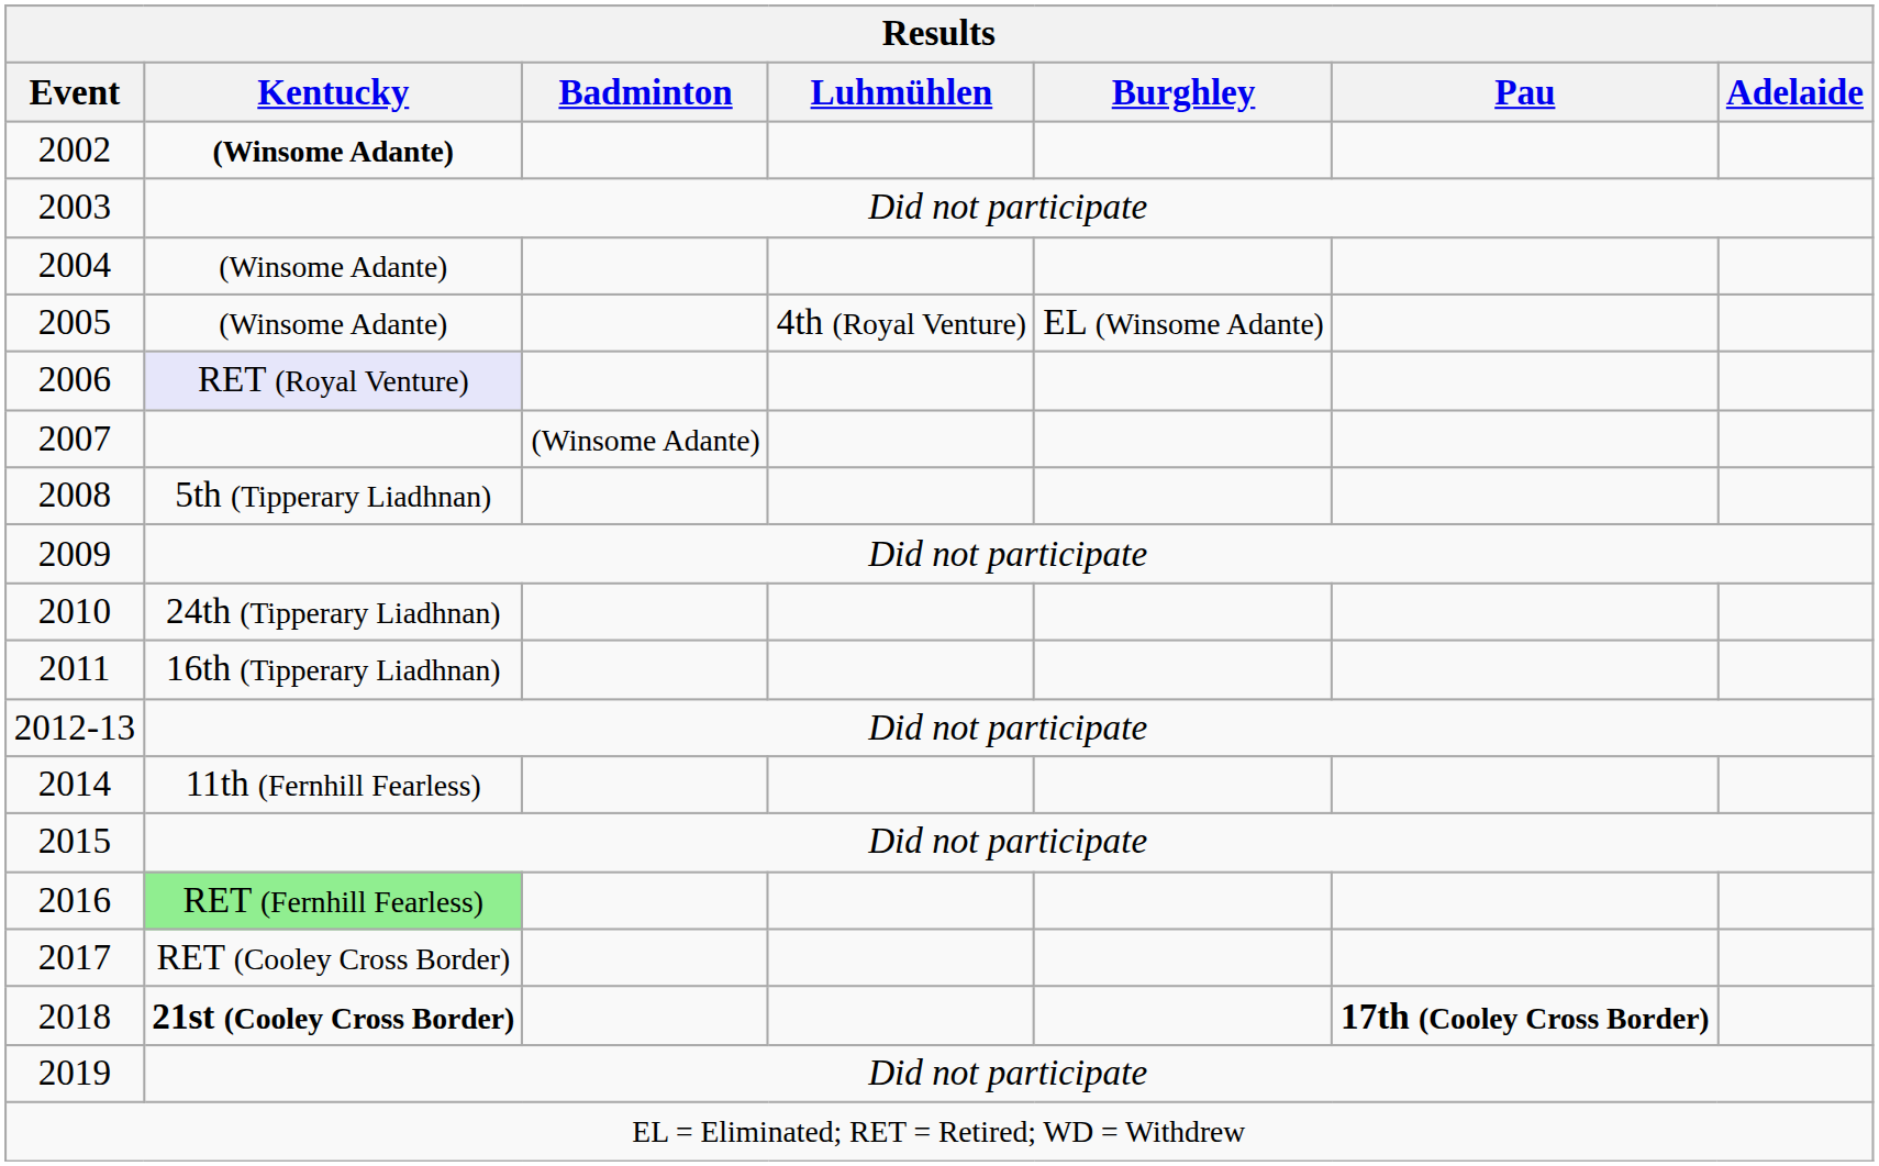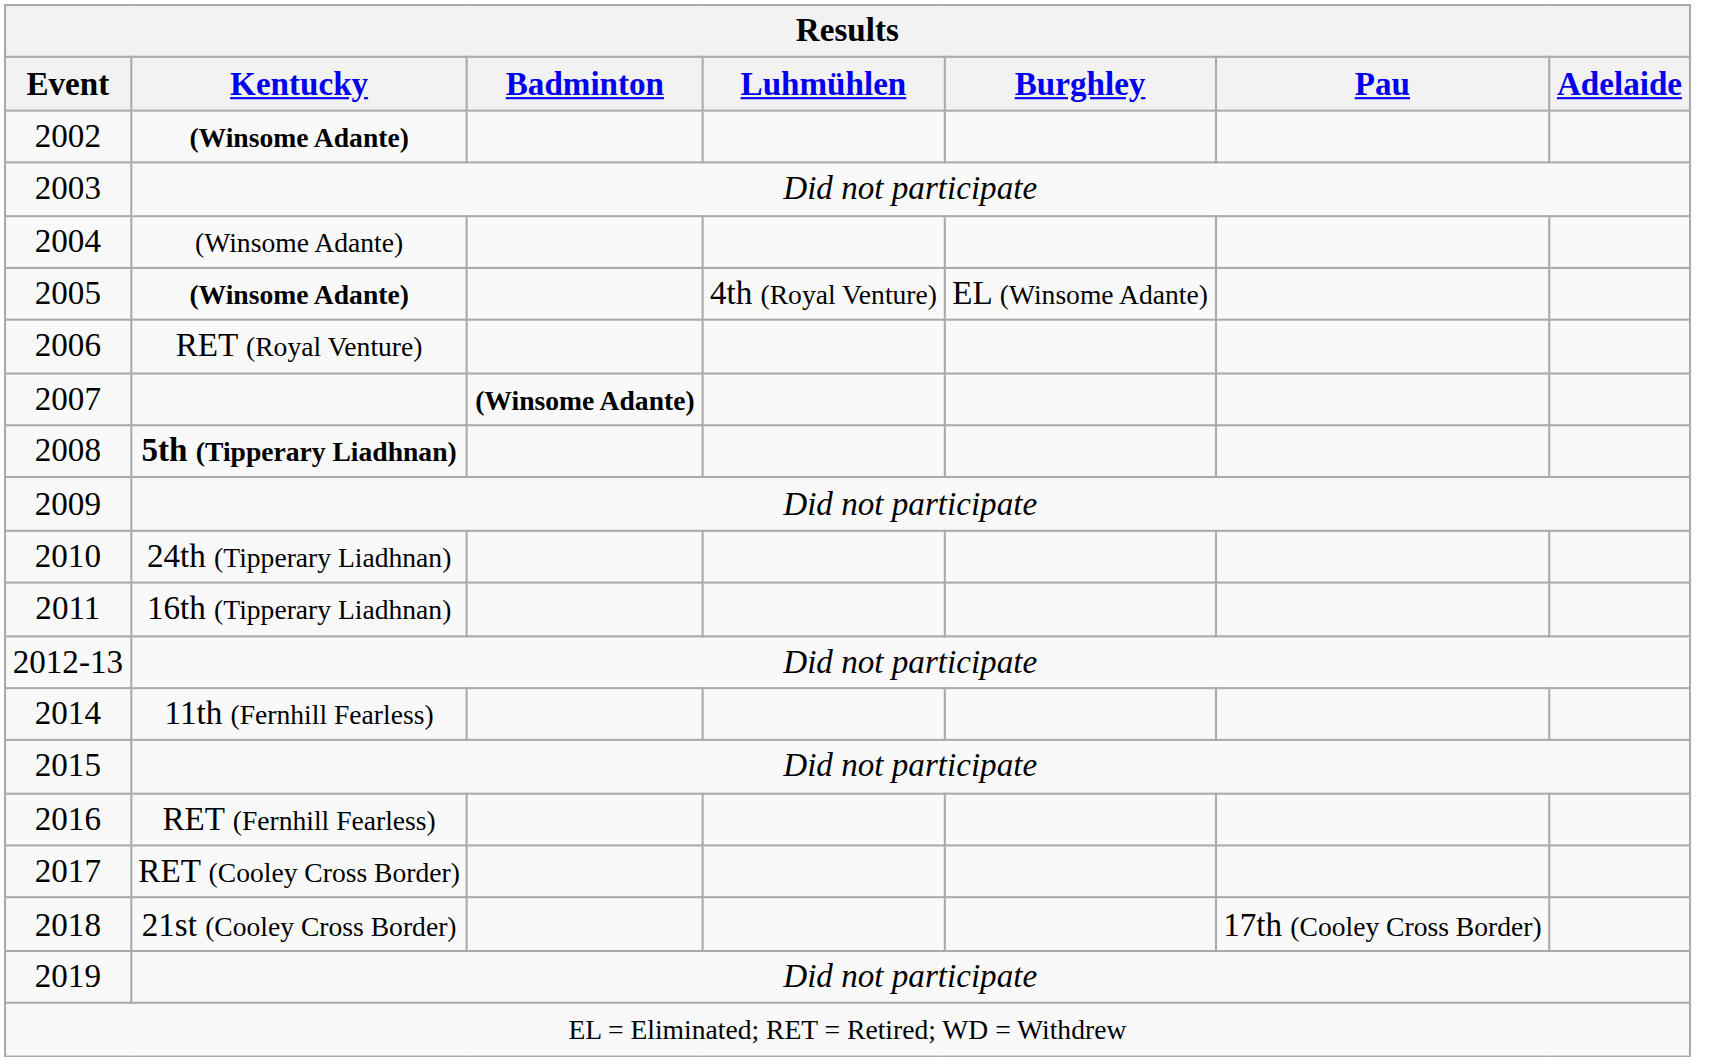 <table class="wikitable" style="text-align:center">
 <tr>
 <th colspan=13 align=center><strong>Results</strong></th>
 </tr>
 <tr>
 <th>Event</th>
 <th><a href='#'>Kentucky</a></th>
 <th><a href='#'>Badminton</a></th>
 <th><a href='#'>Luhmühlen</a></th>
 <th><a href='#'>Burghley</a></th>
 <th><a href='#'>Pau</a></th>
 <th><a href='#'>Adelaide</a></th>
 </tr>
 <tr>
 <td>2002</td>
 <td><strong> <small>(Winsome Adante)</small></strong></td>
 <td></td>
 <td></td>
 <td></td>
 <td></td>
 <td></td>
 </tr>
 <tr>
 <td>2003</td>
 <td colspan=6><em>Did not participate</em></td>
 </tr>
 <tr>
 <td>2004</td>
 <td> <small>(Winsome Adante)</small></td>
 <td></td>
 <td></td>
 <td></td>
 <td></td>
 <td></td>
 </tr>
 <tr>
 <td>2005</td>
-<td> <small>(Winsome Adante)</small></td>
+<td><strong> <small>(Winsome Adante)</small></strong></td>
 <td></td>
 <td>4th <small>(Royal Venture)</small></td>
 <td>EL <small>(Winsome Adante)</small></td>
 <td></td>
 <td></td>
 </tr>
 <tr>
 <td>2006</td>
-<td style="background: lavender;">RET <small>(Royal Venture)</small></td>
+<td>RET <small>(Royal Venture)</small></td>
 <td></td>
 <td></td>
 <td></td>
 <td></td>
 <td></td>
 </tr>
 <tr>
 <td>2007</td>
 <td></td>
-<td> <small>(Winsome Adante)</small></td>
+<td><strong> <small>(Winsome Adante)</small></strong></td>
 <td></td>
 <td></td>
 <td></td>
 <td></td>
 </tr>
 <tr>
 <td>2008</td>
-<td>5th <small>(Tipperary Liadhnan)</small></td>
+<td><strong>5th <small>(Tipperary Liadhnan)</small></strong></td>
 <td></td>
 <td></td>
 <td></td>
 <td></td>
 <td></td>
 </tr>
 <tr>
 <td>2009</td>
 <td colspan=6><em>Did not participate</em></td>
 </tr>
 <tr>
 <td>2010</td>
 <td>24th <small>(Tipperary Liadhnan)</small></td>
 <td></td>
 <td></td>
 <td></td>
 <td></td>
 <td></td>
 </tr>
 <tr>
 <td>2011</td>
 <td>16th <small>(Tipperary Liadhnan)</small></td>
 <td></td>
 <td></td>
 <td></td>
 <td></td>
 <td></td>
 </tr>
 <tr>
 <td>2012-13</td>
 <td colspan=6><em>Did not participate</em></td>
 </tr>
 <tr>
 <td>2014</td>
 <td>11th <small>(Fernhill Fearless)</small></td>
 <td></td>
 <td></td>
 <td></td>
 <td></td>
 <td></td>
 </tr>
 <tr>
 <td>2015</td>
 <td colspan=6><em>Did not participate</em></td>
 </tr>
 <tr>
 <td>2016</td>
-<td style="background: lightgreen;">RET <small>(Fernhill Fearless)</small></td>
+<td>RET <small>(Fernhill Fearless)</small></td>
 <td></td>
 <td></td>
 <td></td>
 <td></td>
 <td></td>
 </tr>
 <tr>
 <td>2017</td>
 <td>RET <small>(Cooley Cross Border)</small></td>
 <td></td>
 <td></td>
 <td></td>
 <td></td>
 <td></td>
 </tr>
 <tr>
 <td>2018</td>
-<td><strong>21st <small>(Cooley Cross Border)</small></strong></td>
+<td>21st <small>(Cooley Cross Border)</small></td>
 <td></td>
 <td></td>
 <td></td>
-<td><strong>17th <small>(Cooley Cross Border)</small></strong></td>
+<td>17th <small>(Cooley Cross Border)</small></td>
 <td></td>
 </tr>
 <tr>
 <td>2019</td>
 <td colspan=6><em>Did not participate</em></td>
 </tr>
 <tr>
 <td colspan=13 align=center><small> EL = Eliminated; RET = Retired; WD = Withdrew </small></td>
 </tr>
 </table>
